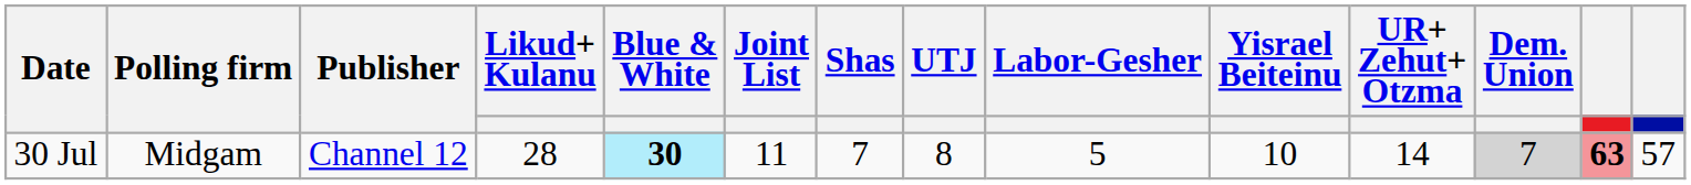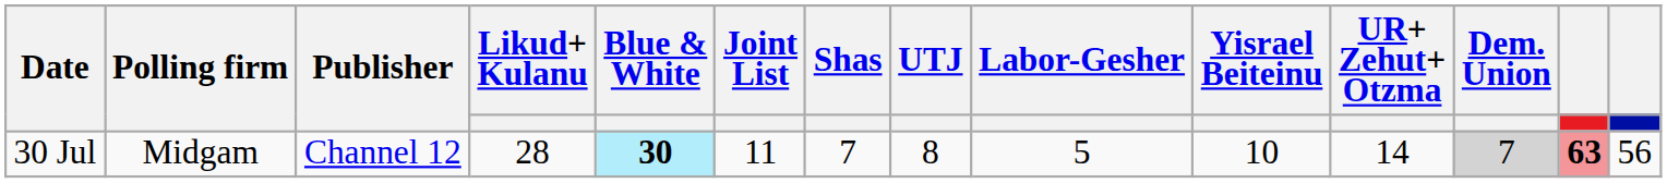 <table class="wikitable sortable" style="text-align:center;font-size:90%;line-height:13px">
 <tr>
 <th rowspan="2">Date</th>
 <th rowspan="2">Polling firm</th>
 <th rowspan="2">Publisher</th>
 <th><a href='#'>Likud</a>+<br><a href='#'>Kulanu</a></th>
 <th><a href='#'>Blue &<br>White</a></th>
 <th><a href='#'>Joint<br>List</a></th>
 <th><a href='#'>Shas</a></th>
 <th><a href='#'>UTJ</a></th>
 <th><a href='#'>Labor-Gesher</a></th>
 <th><a href='#'>Yisrael<br>Beiteinu</a></th>
 <th><a href='#'>UR</a>+<br><a href='#'>Zehut</a>+<br><a href='#'>Otzma</a></th>
 <th><a href='#'>Dem. <br>Union</a></th>
 <th></th>
 <th></th>
 </tr>
 <tr>
 <th style="background:"></th>
 <th style="background:"></th>
 <th style="background:"></th>
 <th style="background:"></th>
 <th style="background:"></th>
 <th style="background:"></th>
 <th style="background:"></th>
 <th style="background:"></th>
 <th style="background:"></th>
 <th style="background:#E81B23;"></th>
 <th style="background:#000EA3;"></th>
 </tr>
 <tr>
 <td data-sort-value="2019-07-30">30 Jul</td>
 <td>Midgam</td>
 <td><a href='#'>Channel 12</a></td>
 <td>28					</td>
 <td style="background:#B2EDFB"><strong>30</strong>	</td>
 <td>11					</td>
 <td>7					</td>
 <td>8					</td>
 <td>5					</td>
 <td>10					</td>
 <td>14					</td>
 <td style="background: lightgrey;">7					</td>
 <td style="background:#F4959A"><strong>63</strong>	</td>
-<td>57					</td>
+<td>56					</td>
 </tr>
 </table>
